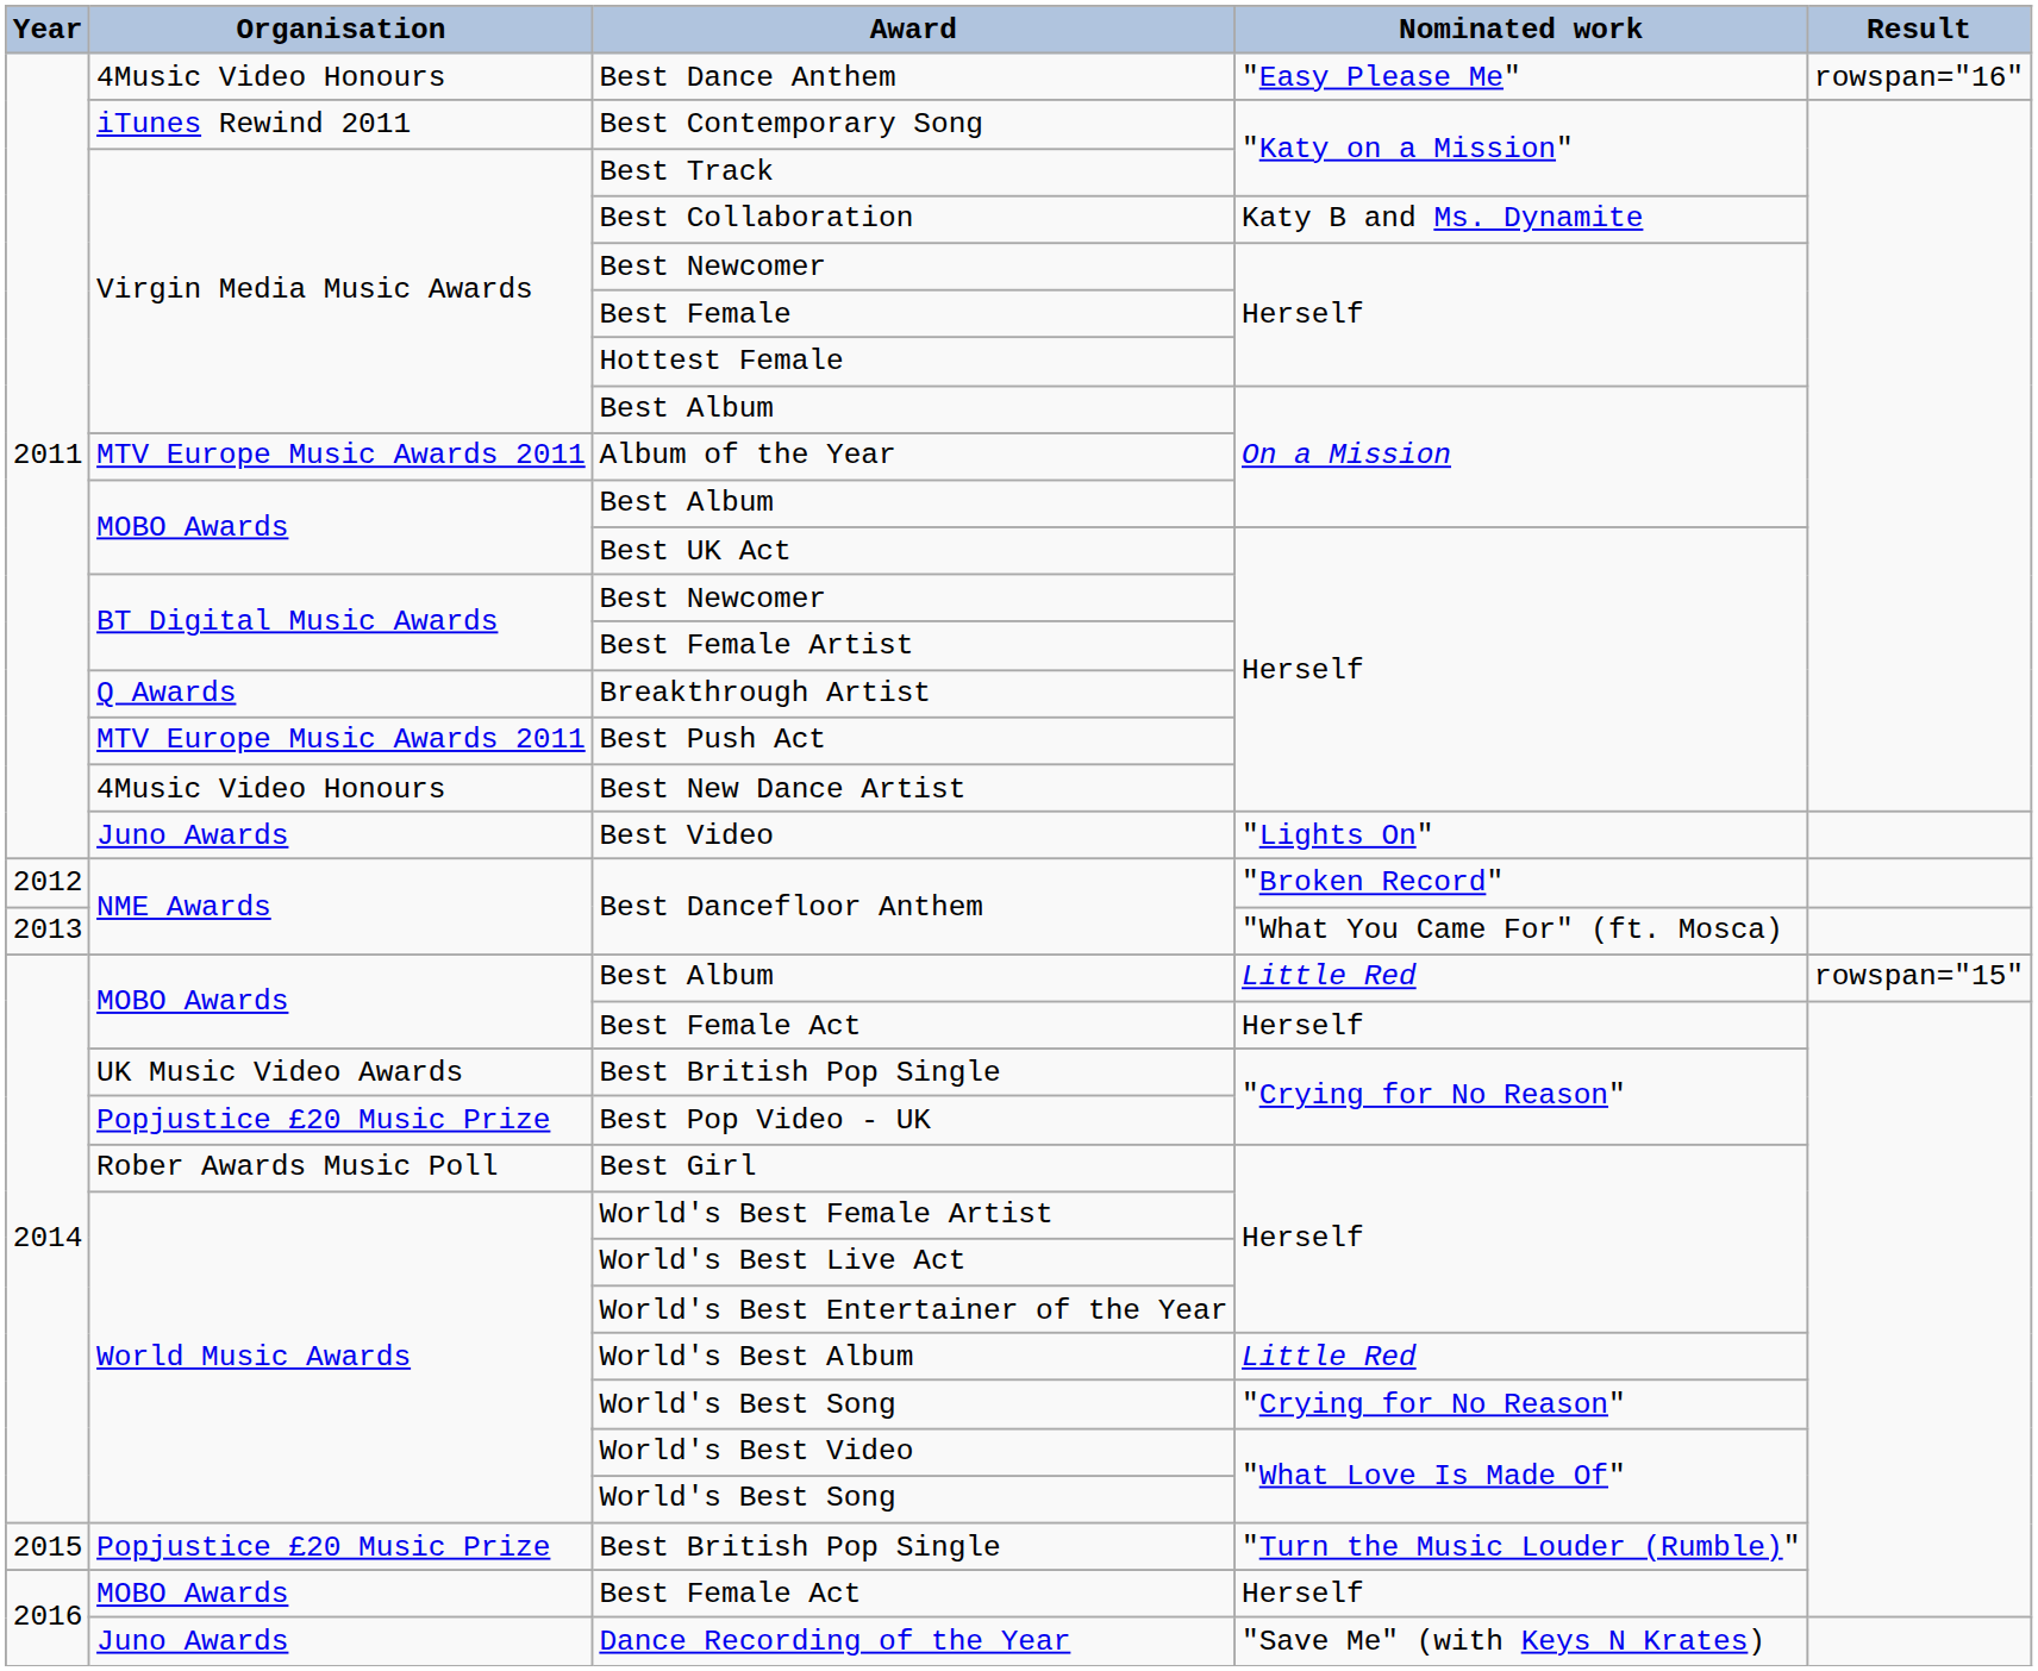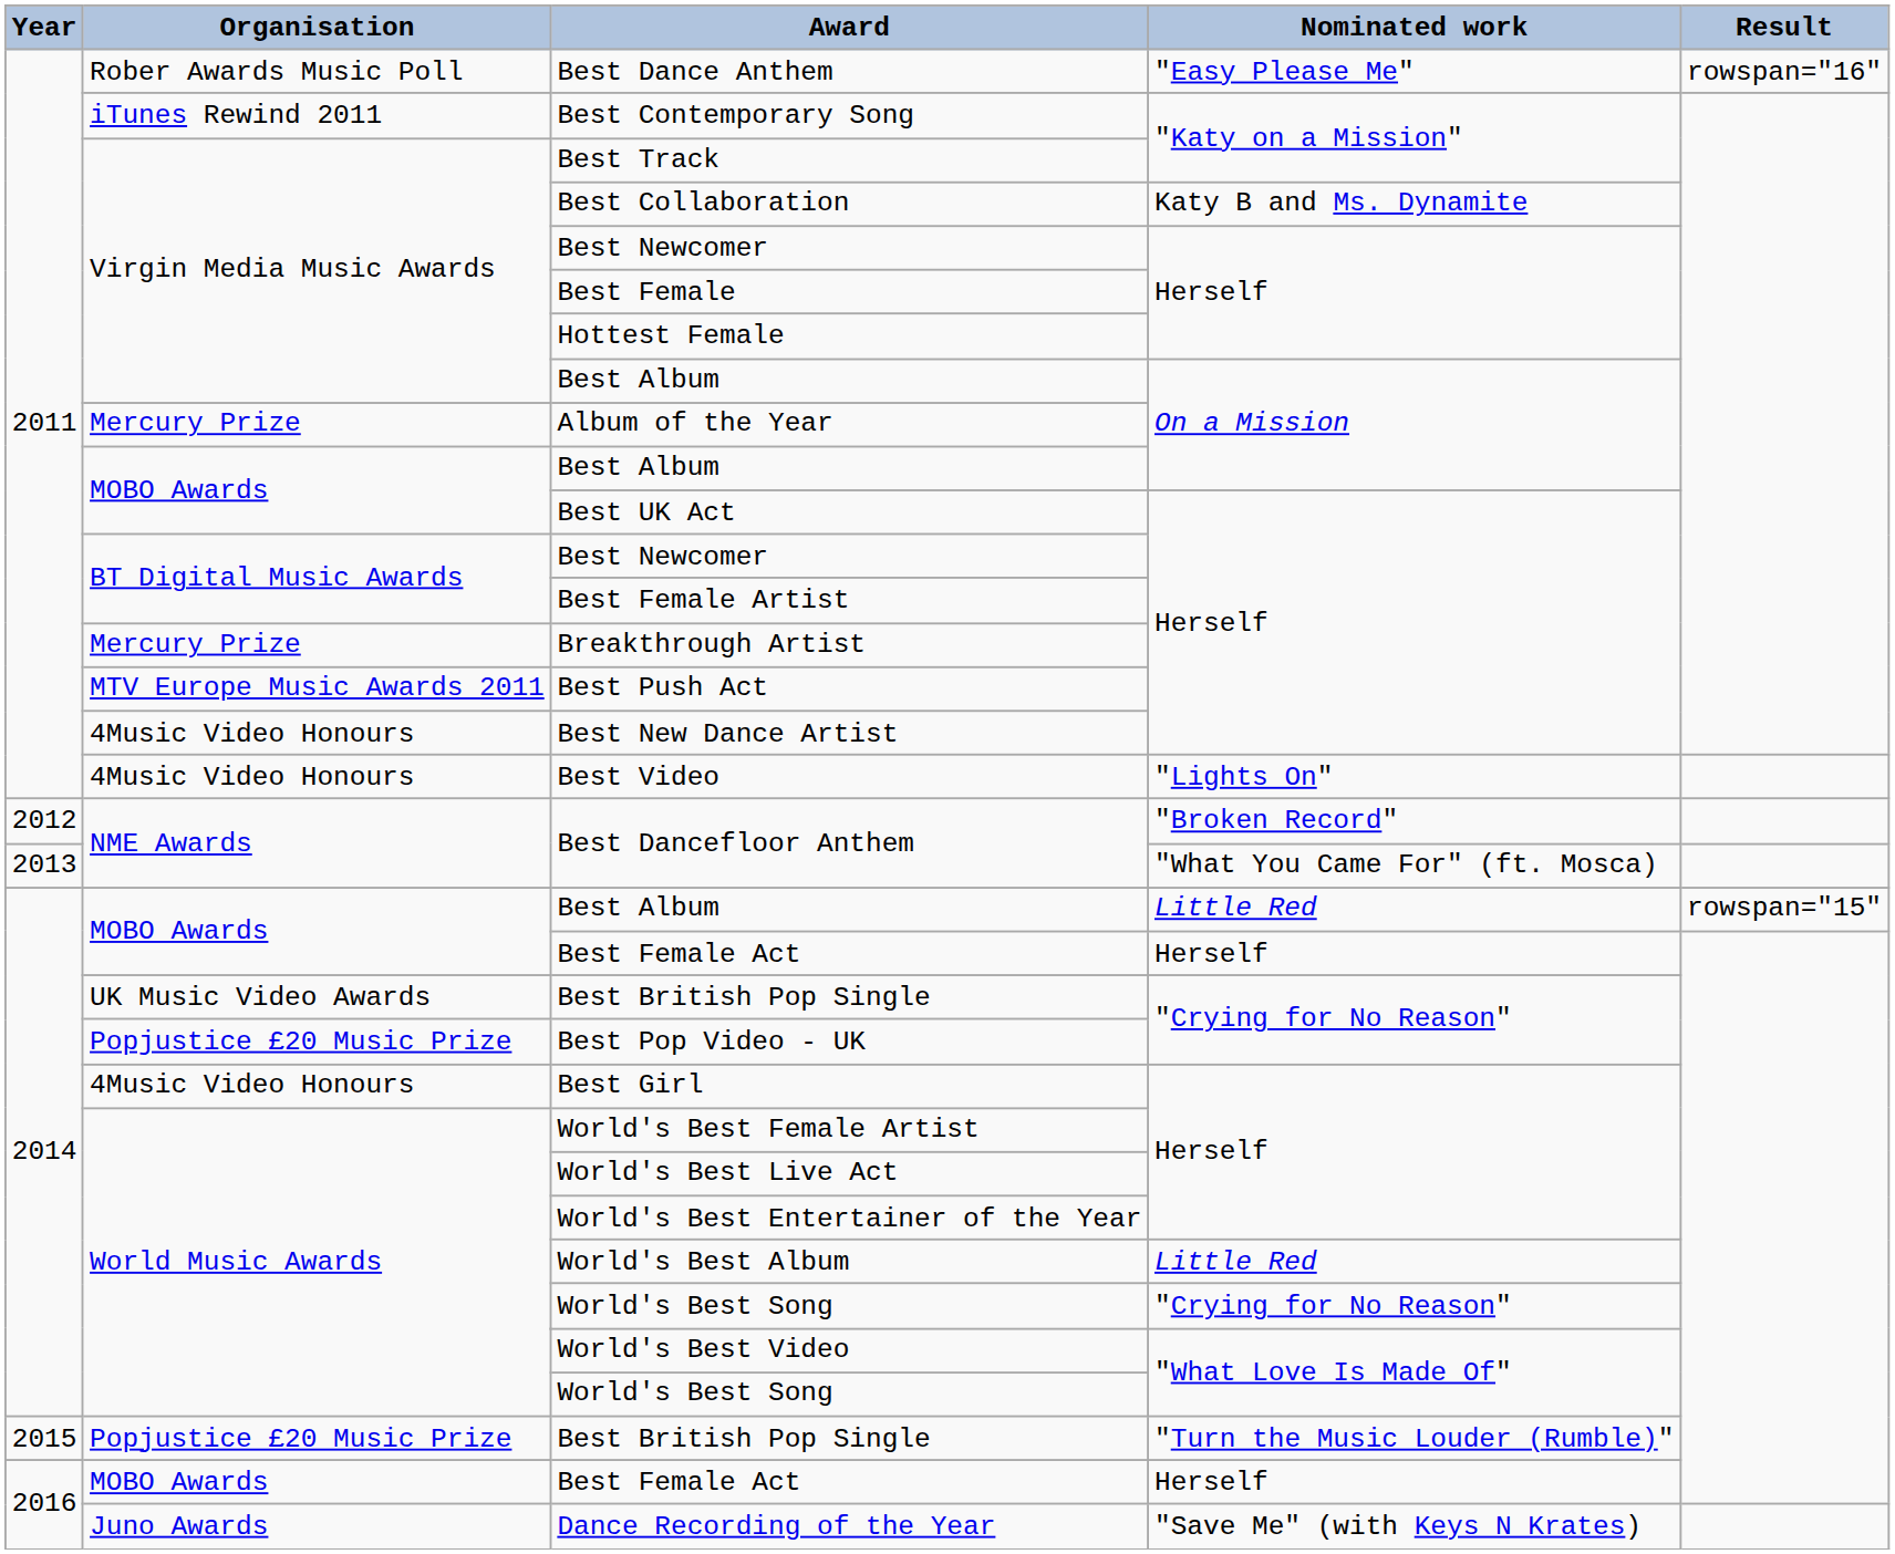 <table class="wikitable">
 <tr>
 <th style="background:#B0C4DE;">Year</th>
 <th style="background:#B0C4DE;">Organisation</th>
 <th style="background:#B0C4DE;">Award</th>
 <th style="background:#B0C4DE;">Nominated work</th>
 <th style="background:#B0C4DE;">Result</th>
 </tr>
 <tr>
 <td rowspan="17">2011</td>
-<td>4Music Video Honours</td>
+<td>Rober Awards Music Poll</td>
 <td>Best Dance Anthem</td>
 <td>"<a href='#'>Easy Please Me</a>"</td>
 <td>rowspan="16" </td>
 </tr>
 <tr>
 <td><a href='#'>iTunes</a> Rewind 2011</td>
 <td>Best Contemporary Song</td>
 <td rowspan=2>"<a href='#'>Katy on a Mission</a>"</td>
 </tr>
 <tr>
 <td rowspan="6">Virgin Media Music Awards</td>
 <td>Best Track</td>
 </tr>
 <tr>
 <td>Best Collaboration</td>
 <td>Katy B and <a href='#'>Ms. Dynamite</a></td>
 </tr>
 <tr>
 <td>Best Newcomer</td>
 <td rowspan="3">Herself</td>
 </tr>
 <tr>
 <td>Best Female</td>
 </tr>
 <tr>
 <td>Hottest Female</td>
 </tr>
 <tr>
 <td>Best Album</td>
 <td rowspan="3"><em><a href='#'>On a Mission</a></em></td>
 </tr>
 <tr>
-<td><a href='#'>MTV Europe Music Awards 2011</a></td>
+<td><a href='#'>Mercury Prize</a></td>
 <td>Album of the Year</td>
 </tr>
 <tr>
 <td rowspan="2"><a href='#'>MOBO Awards</a></td>
 <td>Best Album</td>
 </tr>
 <tr>
 <td>Best UK Act</td>
 <td rowspan="6">Herself</td>
 </tr>
 <tr>
 <td rowspan="2"><a href='#'>BT Digital Music Awards</a></td>
 <td>Best Newcomer</td>
 </tr>
 <tr>
 <td>Best Female Artist</td>
 </tr>
 <tr>
-<td><a href='#'>Q Awards</a></td>
+<td><a href='#'>Mercury Prize</a></td>
 <td>Breakthrough Artist</td>
 </tr>
 <tr>
 <td><a href='#'>MTV Europe Music Awards 2011</a></td>
 <td>Best Push Act</td>
 </tr>
 <tr>
 <td>4Music Video Honours</td>
 <td>Best New Dance Artist</td>
 </tr>
 <tr>
-<td><a href='#'>Juno Awards</a></td>
+<td>4Music Video Honours</td>
 <td>Best Video</td>
 <td>"<a href='#'>Lights On</a>"</td>
 <td></td>
 </tr>
 <tr>
 <td>2012</td>
 <td rowspan="2"><a href='#'>NME Awards</a></td>
 <td rowspan="2">Best Dancefloor Anthem</td>
 <td>"<a href='#'>Broken Record</a>"</td>
 <td></td>
 </tr>
 <tr>
 <td>2013</td>
 <td>"What You Came For" (ft. Mosca)</td>
 <td></td>
 </tr>
 <tr>
 <td rowspan="13">2014</td>
 <td rowspan="2"><a href='#'>MOBO Awards</a></td>
 <td>Best Album</td>
 <td><em><a href='#'>Little Red</a></em></td>
 <td>rowspan="15" </td>
 </tr>
 <tr>
 <td>Best Female Act</td>
 <td>Herself</td>
 </tr>
 <tr>
 <td>UK Music Video Awards</td>
 <td>Best British Pop Single</td>
 <td rowspan="2">"<a href='#'>Crying for No Reason</a>"</td>
 </tr>
 <tr>
 <td><a href='#'>Popjustice £20 Music Prize</a></td>
 <td>Best Pop Video - UK</td>
 </tr>
 <tr>
-<td>Rober Awards Music Poll</td>
+<td>4Music Video Honours</td>
 <td>Best Girl</td>
 <td rowspan=4>Herself</td>
 </tr>
 <tr>
 <td rowspan=8><a href='#'>World Music Awards</a></td>
 <td>World's Best Female Artist</td>
 </tr>
 <tr>
 <td>World's Best Live Act</td>
 </tr>
 <tr>
 <td>World's Best Entertainer of the Year</td>
 </tr>
 <tr>
 <td>World's Best Album</td>
 <td><em><a href='#'>Little Red</a></em></td>
 </tr>
 <tr>
 <td>World's Best Song</td>
 <td rowspan=2>"<a href='#'>Crying for No Reason</a>"</td>
 </tr>
 <tr>
 <td rowspan=2>World's Best Video</td>
 </tr>
 <tr>
 <td rowspan=2>"<a href='#'>What Love Is Made Of</a>"</td>
 </tr>
 <tr>
 <td>World's Best Song</td>
 </tr>
 <tr>
 <td>2015</td>
 <td><a href='#'>Popjustice £20 Music Prize</a></td>
 <td>Best British Pop Single</td>
 <td>"<a href='#'>Turn the Music Louder (Rumble)</a>"</td>
 </tr>
 <tr>
 <td rowspan=2>2016</td>
 <td><a href='#'>MOBO Awards</a></td>
 <td>Best Female Act</td>
 <td>Herself</td>
 </tr>
 <tr>
 <td><a href='#'>Juno Awards</a></td>
 <td><a href='#'>Dance Recording of the Year</a></td>
 <td>"Save Me" (with <a href='#'>Keys N Krates</a>)</td>
 <td></td>
 </tr>
 </table>
